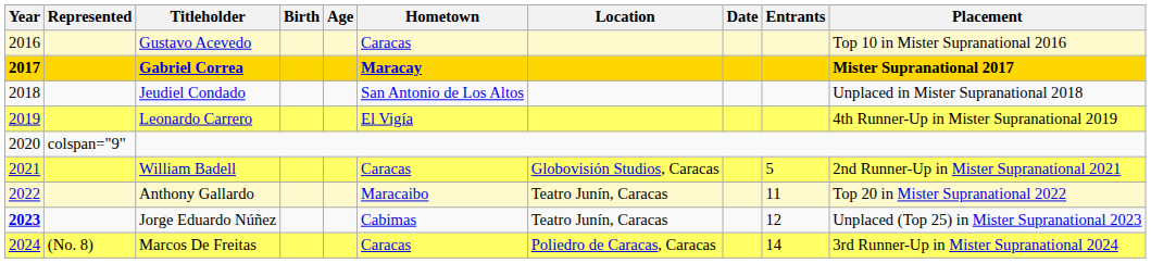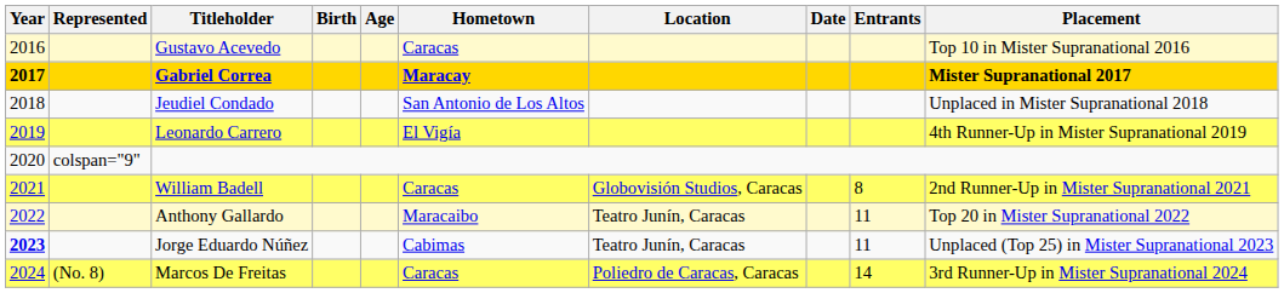 <table class="wikitable sortable" style="margin: 0 1em 0 0; background: #f9f9f9; border: 1px #aaa solid; border-collapse: collapse; font-size: 94%;">
 <tr>
 <th>Year</th>
 <th>Represented</th>
 <th>Titleholder</th>
 <th>Birth</th>
 <th>Age</th>
 <th>Hometown</th>
 <th>Location</th>
 <th>Date</th>
 <th>Entrants</th>
 <th>Placement</th>
 </tr>
 <tr style="background-color:#FFFACD;">
 <td>2016</td>
 <td></td>
 <td><a href='#'>Gustavo Acevedo</a></td>
 <td></td>
 <td></td>
 <td><a href='#'>Caracas</a></td>
 <td></td>
 <td></td>
 <td></td>
 <td>Top 10 in Mister Supranational 2016</td>
 </tr>
 <tr style="background-color:gold; font-weight: bold ">
 <td>2017</td>
 <td></td>
 <td><a href='#'>Gabriel Correa</a></td>
 <td></td>
 <td></td>
 <td><a href='#'>Maracay</a></td>
 <td></td>
 <td></td>
 <td></td>
 <td>Mister Supranational 2017</td>
 </tr>
 <tr>
 <td>2018</td>
 <td></td>
 <td><a href='#'>Jeudiel Condado</a></td>
 <td></td>
 <td></td>
 <td><a href='#'>San Antonio de Los Altos</a></td>
 <td></td>
 <td></td>
 <td></td>
 <td>Unplaced in Mister Supranational 2018</td>
 </tr>
 <tr style="background-color:#FFFF66;">
 <td><a href='#'>2019</a></td>
 <td></td>
 <td><a href='#'>Leonardo Carrero</a></td>
 <td></td>
 <td></td>
 <td><a href='#'>El Vigía</a></td>
 <td></td>
 <td></td>
 <td></td>
 <td>4th Runner-Up in Mister Supranational 2019</td>
 </tr>
 <tr>
 <td>2020</td>
 <td>colspan="9" </td>
 </tr>
 <tr style="background-color:#FFFF66;">
 <td><a href='#'>2021</a></td>
 <td></td>
 <td><a href='#'>William Badell</a></td>
 <td></td>
 <td></td>
 <td><a href='#'>Caracas</a></td>
 <td><a href='#'>Globovisión Studios</a>, Caracas</td>
 <td></td>
-<td>5</td>
+<td>8</td>
 <td>2nd Runner-Up in <a href='#'>Mister Supranational 2021</a></td>
 </tr>
 <tr style="background-color:#FFFACD;">
 <td><a href='#'>2022</a></td>
 <td></td>
 <td>Anthony Gallardo</td>
 <td></td>
 <td></td>
 <td><a href='#'>Maracaibo</a></td>
 <td>Teatro Junín, Caracas</td>
 <td></td>
 <td>11</td>
 <td>Top 20 in <a href='#'>Mister Supranational 2022</a></td>
 </tr>
 <tr>
 <td><strong><a href='#'>2023</a></strong></td>
 <td></td>
 <td>Jorge Eduardo Núñez</td>
 <td></td>
 <td></td>
 <td><a href='#'>Cabimas</a></td>
 <td>Teatro Junín, Caracas</td>
 <td></td>
-<td>12</td>
+<td>11</td>
 <td>Unplaced (Top 25) in <a href='#'>Mister Supranational 2023</a></td>
 </tr>
 <tr style="background-color:#FFFF66;">
 <td><a href='#'>2024</a></td>
 <td> (No. 8)</td>
 <td>Marcos De Freitas</td>
 <td></td>
 <td></td>
 <td><a href='#'>Caracas</a></td>
 <td><a href='#'>Poliedro de Caracas</a>, Caracas</td>
 <td></td>
 <td>14</td>
 <td>3rd Runner-Up in <a href='#'>Mister Supranational 2024</a></td>
 </tr>
 </table>
